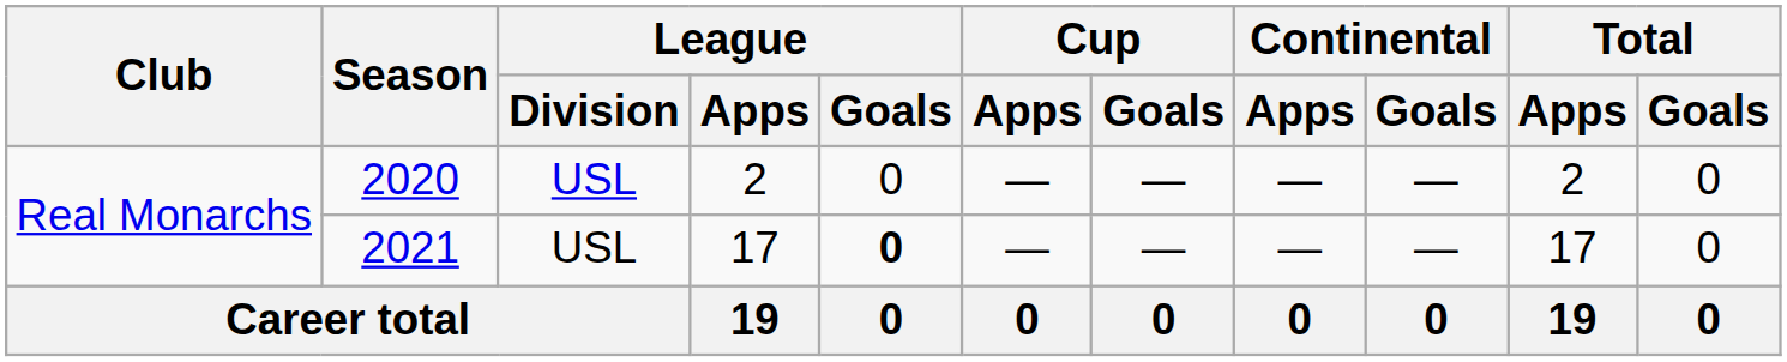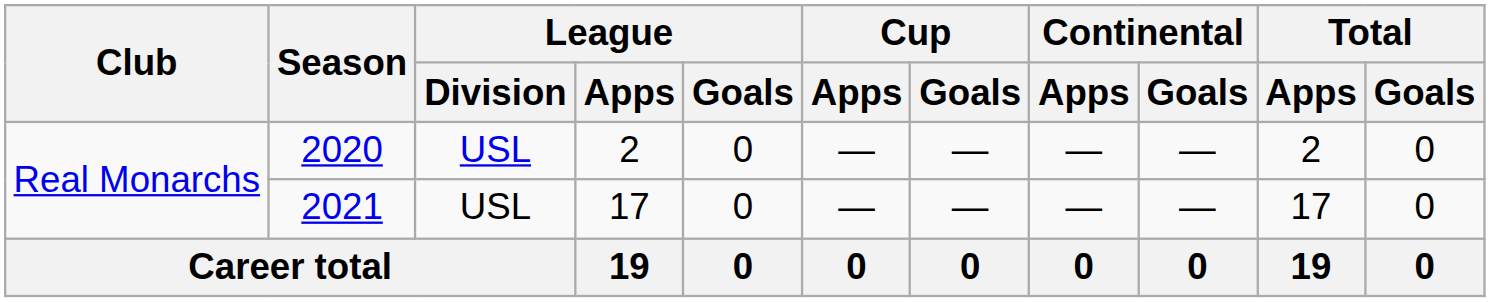 <table class=wikitable style=text-align:center>
 <tr>
 <th rowspan=2>Club</th>
 <th rowspan=2>Season</th>
 <th colspan=3>League</th>
 <th colspan=2>Cup</th>
 <th colspan=2>Continental</th>
 <th colspan=2>Total</th>
 </tr>
 <tr>
 <th>Division</th>
 <th>Apps</th>
 <th>Goals</th>
 <th>Apps</th>
 <th>Goals</th>
 <th>Apps</th>
 <th>Goals</th>
 <th>Apps</th>
 <th>Goals</th>
 </tr>
 <tr>
 <td rowspan=2><a href='#'>Real Monarchs</a></td>
 <td><a href='#'>2020</a></td>
 <td><a href='#'>USL</a></td>
 <td>2</td>
 <td>0</td>
 <td>—</td>
 <td>—</td>
 <td>—</td>
 <td>—</td>
 <td>2</td>
 <td>0</td>
 </tr>
 <tr>
 <td><a href='#'>2021</a></td>
 <td>USL</td>
 <td>17</td>
-<td><strong>0</strong></td>
+<td>0</td>
 <td>—</td>
 <td>—</td>
 <td>—</td>
 <td>—</td>
 <td>17</td>
 <td>0</td>
 </tr>
 <tr>
 <th colspan=3>Career total</th>
 <th>19</th>
 <th>0</th>
 <th>0</th>
 <th>0</th>
 <th>0</th>
 <th>0</th>
 <th>19</th>
 <th>0</th>
 </tr>
 </table>
